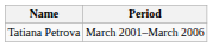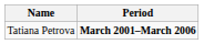 <table class="wikitable">
 <tr>
 <th>Name</th>
 <th>Period</th>
 </tr>
 <tr>
 <td>Tatiana Petrova</td>
-<td>March 2001–March 2006</td>
+<td><strong>March 2001–March 2006</strong></td>
 </tr>
 </table>
